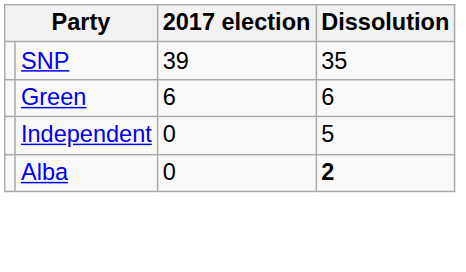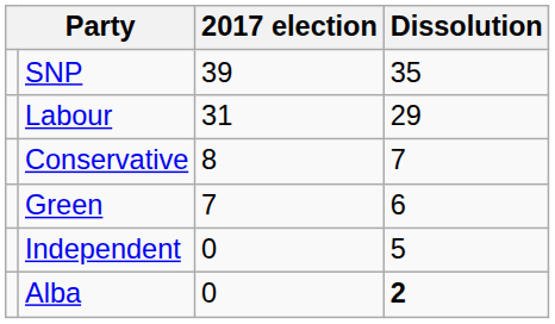 <table class="wikitable">
 <tr>
 <th scope="col" colspan="2">Party</th>
 <th scope="col">2017 election</th>
 <th scope="col">Dissolution</th>
 </tr>
 <tr>
 <td style="background:"></td>
 <td scope="row"><a href='#'>SNP</a></td>
 <td>39</td>
 <td>35</td>
 </tr>
 <tr>
 <td style="background:"></td>
+<td scope="row"><a href='#'>Labour</a></td>
+<td>31</td>
+<td>29</td>
+</tr>
+<tr>
+<td style="background:"></td>
+<td scope="row"><a href='#'>Conservative</a></td>
+<td>8</td>
+<td>7</td>
+</tr>
+<tr>
+<td style="background:"></td>
 <td scope="row"><a href='#'>Green</a></td>
-<td>6</td>
+<td>7</td>
 <td>6</td>
 </tr>
 <tr>
 <td style="background:"></td>
 <td scope="row"><a href='#'>Independent</a></td>
 <td>0</td>
 <td>5</td>
 </tr>
 <tr>
 <td style="background:"></td>
 <td scope="row"><a href='#'>Alba</a></td>
 <td>0</td>
 <td><strong>2</strong></td>
 </tr>
 </table>
